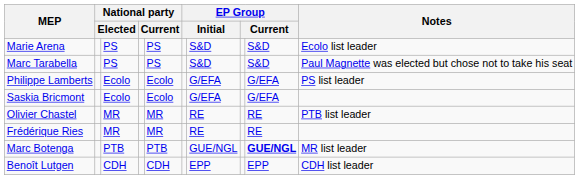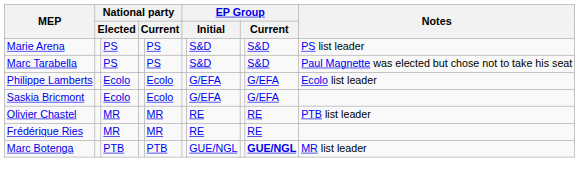 <table class="wikitable sortable" style="text-align:left">
 <tr>
 <th rowspan="2">MEP</th>
 <th colspan="4">National party</th>
 <th colspan="4"><a href='#'>EP Group</a></th>
 <th rowspan="2">Notes</th>
 </tr>
 <tr>
 <th colspan="2">Elected</th>
 <th colspan="2">Current</th>
 <th colspan="2">Initial</th>
 <th colspan="2">Current</th>
 </tr>
 <tr>
 <td><a href='#'>Marie Arena</a></td>
 <td style="background: "></td>
 <td><a href='#'>PS</a></td>
 <td style="background: "></td>
 <td><a href='#'>PS</a></td>
 <td style="background: "></td>
 <td><a href='#'>S&D</a></td>
 <td style="background: "></td>
 <td><a href='#'>S&D</a></td>
-<td><a href='#'>Ecolo</a> list leader</td>
+<td><a href='#'>PS</a> list leader</td>
 </tr>
 <tr>
 <td><a href='#'>Marc Tarabella</a></td>
 <td style="background: "></td>
 <td><a href='#'>PS</a></td>
 <td style="background: "></td>
 <td><a href='#'>PS</a></td>
 <td style="background: "></td>
 <td><a href='#'>S&D</a></td>
 <td style="background: "></td>
 <td><a href='#'>S&D</a></td>
 <td><a href='#'>Paul Magnette</a> was elected but chose not to take his seat</td>
 </tr>
 <tr>
 <td><a href='#'>Philippe Lamberts</a></td>
 <td style="background: "></td>
 <td><a href='#'>Ecolo</a></td>
 <td style="background: "></td>
 <td><a href='#'>Ecolo</a></td>
 <td style="background: "></td>
 <td><a href='#'>G/EFA</a></td>
 <td style="background: "></td>
 <td><a href='#'>G/EFA</a></td>
-<td><a href='#'>PS</a> list leader</td>
+<td><a href='#'>Ecolo</a> list leader</td>
 </tr>
 <tr>
 <td><a href='#'>Saskia Bricmont</a></td>
 <td style="background: "></td>
 <td><a href='#'>Ecolo</a></td>
 <td style="background: "></td>
 <td><a href='#'>Ecolo</a></td>
 <td style="background: "></td>
 <td><a href='#'>G/EFA</a></td>
 <td style="background: "></td>
 <td><a href='#'>G/EFA</a></td>
 <td></td>
 </tr>
 <tr>
 <td><a href='#'>Olivier Chastel</a></td>
 <td style="background: "></td>
 <td><a href='#'>MR</a></td>
 <td style="background: "></td>
 <td><a href='#'>MR</a></td>
 <td style="background: "></td>
 <td><a href='#'>RE</a></td>
 <td style="background: "></td>
 <td><a href='#'>RE</a></td>
 <td><a href='#'>PTB</a> list leader</td>
 </tr>
 <tr>
 <td><a href='#'>Frédérique Ries</a></td>
 <td style="background: "></td>
 <td><a href='#'>MR</a></td>
 <td style="background: "></td>
 <td><a href='#'>MR</a></td>
 <td style="background: "></td>
 <td><a href='#'>RE</a></td>
 <td style="background: "></td>
 <td><a href='#'>RE</a></td>
 <td></td>
 </tr>
 <tr>
 <td><a href='#'>Marc Botenga</a></td>
 <td style="background: "></td>
 <td><a href='#'>PTB</a></td>
 <td style="background: "></td>
 <td><a href='#'>PTB</a></td>
 <td style="background: "></td>
 <td><a href='#'>GUE/NGL</a></td>
 <td style="background: "></td>
 <td><strong><a href='#'>GUE/NGL</a></strong></td>
 <td><a href='#'>MR</a> list leader</td>
 </tr>
-<tr>
-<td><a href='#'>Benoît Lutgen</a></td>
-<td style="background: "></td>
-<td><a href='#'>CDH</a></td>
-<td style="background: "></td>
-<td><a href='#'>CDH</a></td>
-<td style="background: "></td>
-<td><a href='#'>EPP</a></td>
-<td style="background: "></td>
-<td><a href='#'>EPP</a></td>
-<td><a href='#'>CDH</a> list leader</td>
-</tr>
 </table>
